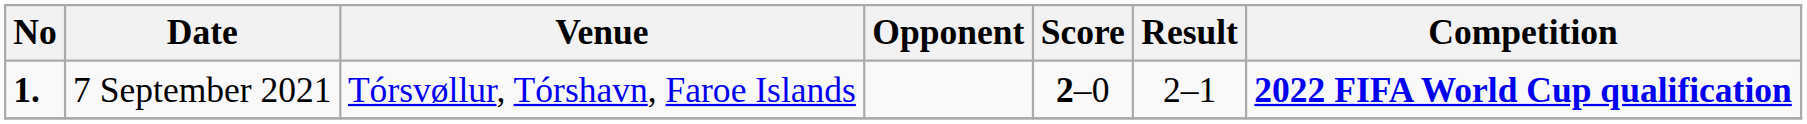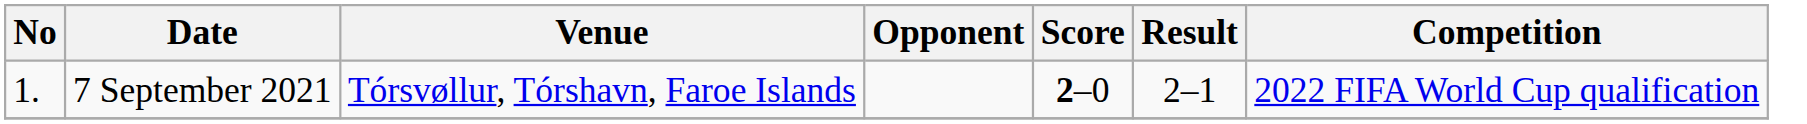 <table class="wikitable">
 <tr>
 <th>No</th>
 <th>Date</th>
 <th>Venue</th>
 <th>Opponent</th>
 <th>Score</th>
 <th>Result</th>
 <th>Competition</th>
 </tr>
 <tr>
-<td><strong>1.</strong></td>
+<td>1.</td>
 <td>7 September 2021</td>
 <td><a href='#'>Tórsvøllur</a>, <a href='#'>Tórshavn</a>, <a href='#'>Faroe Islands</a></td>
 <td></td>
 <td align=center><strong>2</strong>–0</td>
 <td align=center>2–1</td>
-<td><strong><a href='#'>2022 FIFA World Cup qualification</a></strong></td>
+<td><a href='#'>2022 FIFA World Cup qualification</a></td>
 </tr>
 <tr>
 </tr>
 </table>
